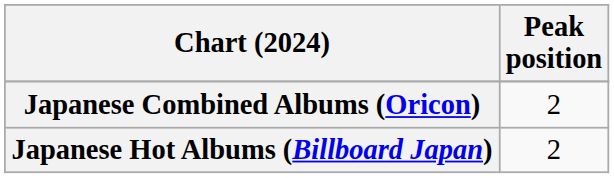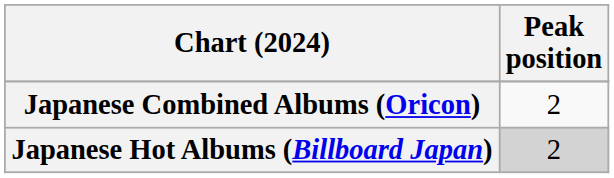 <table class="wikitable sortable plainrowheaders" style="text-align:center;">
 <tr>
 <th scope="col">Chart (2024)</th>
 <th scope="col">Peak<br>position</th>
 </tr>
 <tr>
 </tr>
 <tr>
 <th scope="row">Japanese Combined Albums (<a href='#'>Oricon</a>)</th>
 <td>2</td>
 </tr>
 <tr>
 <th scope="row">Japanese Hot Albums (<em><a href='#'>Billboard Japan</a></em>)</th>
-<td>2</td>
+<td style="background: lightgrey;">2</td>
 </tr>
 </table>
